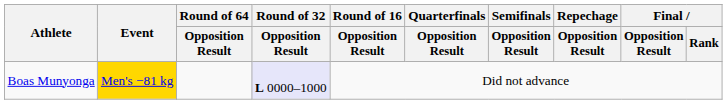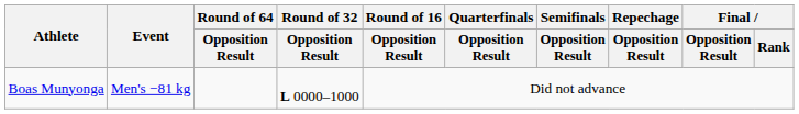 <table class="wikitable" style="font-size:90%">
 <tr>
 <th rowspan="2">Athlete</th>
 <th rowspan="2">Event</th>
 <th>Round of 64</th>
 <th>Round of 32</th>
 <th>Round of 16</th>
 <th>Quarterfinals</th>
 <th>Semifinals</th>
 <th>Repechage</th>
 <th colspan=2>Final / </th>
 </tr>
 <tr style="font-size:95%">
 <th>Opposition<br>Result</th>
 <th>Opposition<br>Result</th>
 <th>Opposition<br>Result</th>
 <th>Opposition<br>Result</th>
 <th>Opposition<br>Result</th>
 <th>Opposition<br>Result</th>
 <th>Opposition<br>Result</th>
 <th>Rank</th>
 </tr>
 <tr align=center>
 <td align=left><a href='#'>Boas Munyonga</a></td>
-<td align=left style="background: gold;"><a href='#'>Men's −81 kg</a></td>
+<td align=left><a href='#'>Men's −81 kg</a></td>
 <td></td>
-<td style="background: lavender;"><br><strong>L</strong> 0000–1000</td>
+<td><br><strong>L</strong> 0000–1000</td>
 <td colspan=6>Did not advance</td>
 </tr>
 </table>
